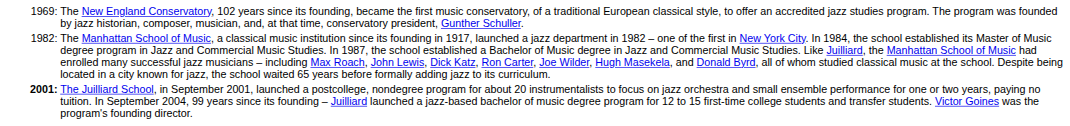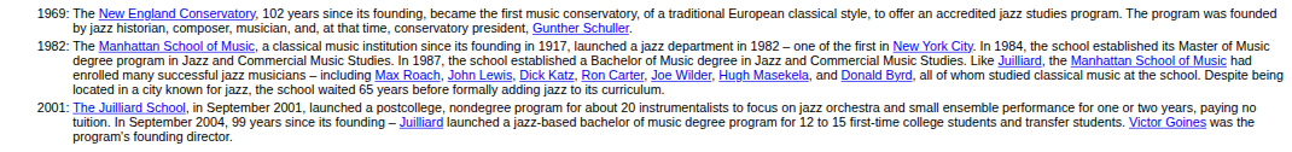 <table valign="top"; border="0" cellpadding="1" style="color:black; background-color: #FFFFFF">
 <tr valign="top">
 <td width="5%" style="text-align:right">1969:</td>
 <td width="95%" style="text-align:left">The <a href='#'>New England Conservatory</a>, 102 years since its founding, became the first music conservatory, of a traditional European classical style, to offer an accredited jazz studies program. The program was founded by jazz historian, composer, musician, and, at that time, conservatory president, <a href='#'>Gunther Schuller</a>.</td>
 </tr>
 <tr valign="top">
 <td width="5%" style="text-align:right">1982:</td>
 <td width="95%" style="text-align:left">The <a href='#'>Manhattan School of Music</a>, a classical music institution since its founding in 1917, launched a jazz department in 1982 – one of the first in <a href='#'>New York City</a>.  In 1984, the school established its Master of Music degree program in Jazz and Commercial Music Studies.  In 1987, the school established a Bachelor of Music degree in Jazz and Commercial Music Studies. Like <a href='#'>Juilliard</a>, the <a href='#'>Manhattan School of Music</a> had enrolled many successful jazz musicians – including <a href='#'>Max Roach</a>, <a href='#'>John Lewis</a>, <a href='#'>Dick Katz</a>, <a href='#'>Ron Carter</a>, <a href='#'>Joe Wilder</a>, <a href='#'>Hugh Masekela</a>, and <a href='#'>Donald Byrd</a>, all of whom studied classical music at the school.  Despite being located in a city known for jazz, the school waited 65 years before formally adding jazz to its curriculum.</td>
 </tr>
 <tr valign="top">
-<td width="5%" style="text-align:right"><strong>2001:</strong></td>
+<td width="5%" style="text-align:right">2001:</td>
 <td width="95%" style="text-align:left"><a href='#'>The Juilliard School</a>, in September 2001, launched a postcollege, nondegree program for about 20 instrumentalists to focus on jazz orchestra and small ensemble performance for one or two years, paying no tuition.  In September 2004, 99 years since its founding – <a href='#'>Juilliard</a> launched a jazz-based bachelor of music degree program for 12 to 15 first-time college students and transfer students.  <a href='#'>Victor Goines</a> was the program's founding director.</td>
 </tr>
 </table>
